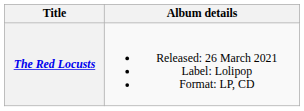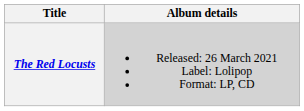 <table class="wikitable plainrowheaders" style="text-align:center;">
 <tr>
 <th scope="col" style="width:8em;">Title</th>
 <th scope="col" style="width:16em;">Album details</th>
 </tr>
 <tr>
 <th scope="row"><em><a href='#'>The Red Locusts</a></em></th>
-<td><br><ul><li>Released: 26 March 2021</li><li>Label: Lolipop</li><li>Format: LP, CD</li></ul></td>
+<td style="background: lightgrey;"><br><ul><li>Released: 26 March 2021</li><li>Label: Lolipop</li><li>Format: LP, CD</li></ul></td>
 </tr>
 </table>
